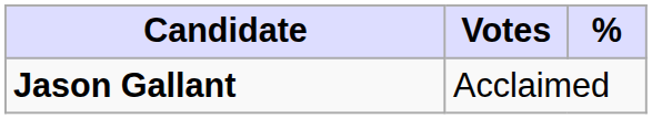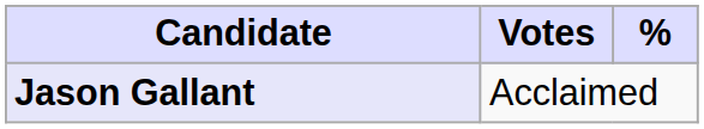 <table class="wikitable">
 <tr>
 <th style="background:#ddf; width:200px;">Candidate</th>
 <th style="background:#ddf; width:50px;">Votes</th>
 <th style="background:#ddf; width:30px;">%</th>
 </tr>
 <tr>
-<td><strong>Jason Gallant</strong></td>
+<td style="background: lavender;"><strong>Jason Gallant</strong></td>
 <td colspan="2">Acclaimed</td>
 </tr>
 </table>
